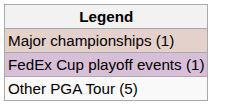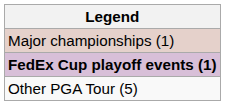 <table class="wikitable" style="font-size:95%;">
 <tr>
 <th>Legend</th>
 </tr>
 <tr style="background:#e5d1cb;">
 <td>Major championships (1)</td>
 </tr>
 <tr>
 </tr>
 <tr style="background:thistle;">
-<td>FedEx Cup playoff events (1)</td>
+<td><strong>FedEx Cup playoff events (1)</strong></td>
 </tr>
 <tr>
 <td>Other PGA Tour (5)</td>
 </tr>
 </table>
